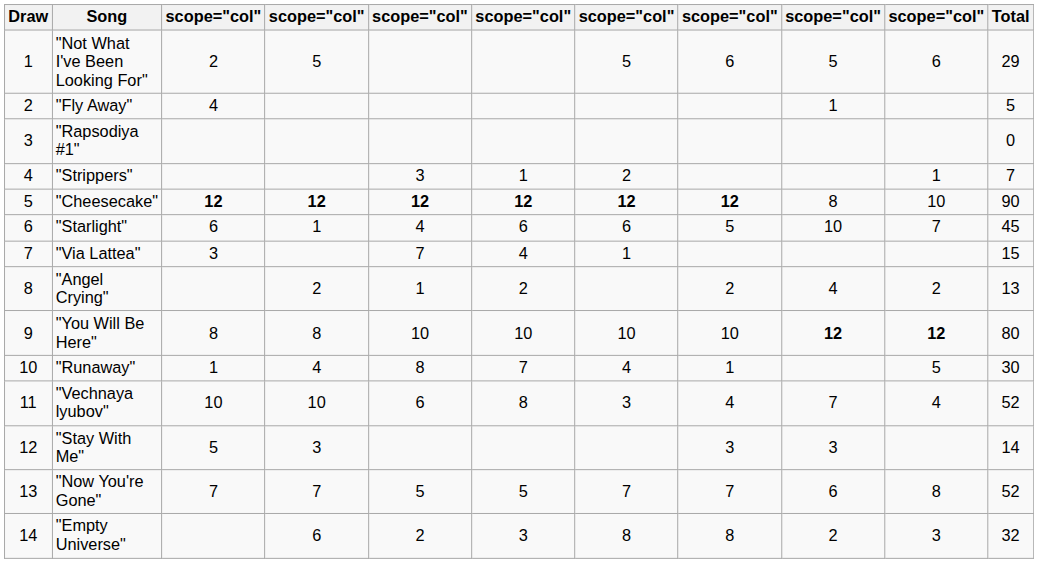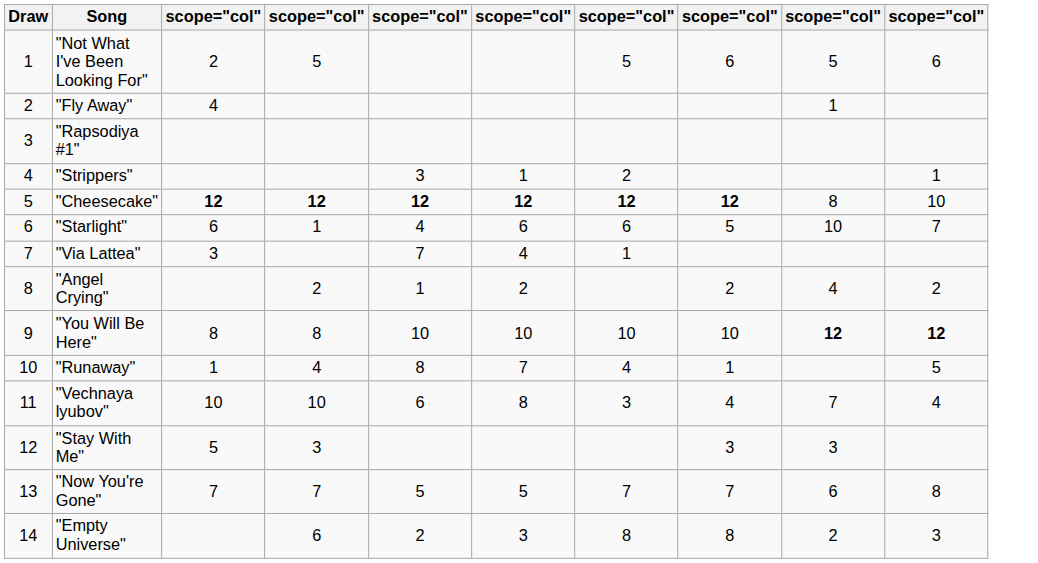 <table class="wikitable collapsible" style="margin: 1em auto 1em auto; text-align:center;">
 <tr>
 <th>Draw</th>
 <th>Song</th>
 <th>scope="col" </th>
 <th>scope="col" </th>
 <th>scope="col" </th>
 <th>scope="col" </th>
 <th>scope="col" </th>
 <th>scope="col" </th>
 <th>scope="col" </th>
 <th>scope="col" </th>
-<th>Total</th>
 </tr>
 <tr>
 <td>1</td>
 <td align="left">"Not What I've Been Looking For"</td>
 <td>2</td>
 <td>5</td>
 <td></td>
 <td></td>
 <td>5</td>
 <td>6</td>
 <td>5</td>
 <td>6</td>
-<td>29</td>
 </tr>
 <tr>
 <td>2</td>
 <td align="left">"Fly Away"</td>
 <td>4</td>
 <td></td>
 <td></td>
 <td></td>
 <td></td>
 <td></td>
 <td>1</td>
 <td></td>
-<td>5</td>
 </tr>
 <tr>
 <td>3</td>
 <td align="left">"Rapsodiya #1"</td>
 <td></td>
 <td></td>
 <td></td>
 <td></td>
 <td></td>
 <td></td>
 <td></td>
 <td></td>
-<td>0</td>
 </tr>
 <tr>
 <td>4</td>
 <td align="left">"Strippers"</td>
 <td></td>
 <td></td>
 <td>3</td>
 <td>1</td>
 <td>2</td>
 <td></td>
 <td></td>
 <td>1</td>
-<td>7</td>
 </tr>
 <tr>
 <td>5</td>
 <td align="left">"Cheesecake"</td>
 <td><strong>12</strong></td>
 <td><strong>12</strong></td>
 <td><strong>12</strong></td>
 <td><strong>12</strong></td>
 <td><strong>12</strong></td>
 <td><strong>12</strong></td>
 <td>8</td>
 <td>10</td>
-<td>90</td>
 </tr>
 <tr>
 <td>6</td>
 <td align="left">"Starlight"</td>
 <td>6</td>
 <td>1</td>
 <td>4</td>
 <td>6</td>
 <td>6</td>
 <td>5</td>
 <td>10</td>
 <td>7</td>
-<td>45</td>
 </tr>
 <tr>
 <td>7</td>
 <td align="left">"Via Lattea"</td>
 <td>3</td>
 <td></td>
 <td>7</td>
 <td>4</td>
 <td>1</td>
 <td></td>
 <td></td>
 <td></td>
-<td>15</td>
 </tr>
 <tr>
 <td>8</td>
 <td align="left">"Angel Crying"</td>
 <td></td>
 <td>2</td>
 <td>1</td>
 <td>2</td>
 <td></td>
 <td>2</td>
 <td>4</td>
 <td>2</td>
-<td>13</td>
 </tr>
 <tr>
 <td>9</td>
 <td align="left">"You Will Be Here"</td>
 <td>8</td>
 <td>8</td>
 <td>10</td>
 <td>10</td>
 <td>10</td>
 <td>10</td>
 <td><strong>12</strong></td>
 <td><strong>12</strong></td>
-<td>80</td>
 </tr>
 <tr>
 <td>10</td>
 <td align="left">"Runaway"</td>
 <td>1</td>
 <td>4</td>
 <td>8</td>
 <td>7</td>
 <td>4</td>
 <td>1</td>
 <td></td>
 <td>5</td>
-<td>30</td>
 </tr>
 <tr>
 <td>11</td>
 <td align="left">"Vechnaya lyubov"</td>
 <td>10</td>
 <td>10</td>
 <td>6</td>
 <td>8</td>
 <td>3</td>
 <td>4</td>
 <td>7</td>
 <td>4</td>
-<td>52</td>
 </tr>
 <tr>
 <td>12</td>
 <td align="left">"Stay With Me"</td>
 <td>5</td>
 <td>3</td>
 <td></td>
 <td></td>
 <td></td>
 <td>3</td>
 <td>3</td>
 <td></td>
-<td>14</td>
 </tr>
 <tr>
 <td>13</td>
 <td align="left">"Now You're Gone"</td>
 <td>7</td>
 <td>7</td>
 <td>5</td>
 <td>5</td>
 <td>7</td>
 <td>7</td>
 <td>6</td>
 <td>8</td>
-<td>52</td>
 </tr>
 <tr>
 <td>14</td>
 <td align="left">"Empty Universe"</td>
 <td></td>
 <td>6</td>
 <td>2</td>
 <td>3</td>
 <td>8</td>
 <td>8</td>
 <td>2</td>
 <td>3</td>
-<td>32</td>
 </tr>
 </table>
